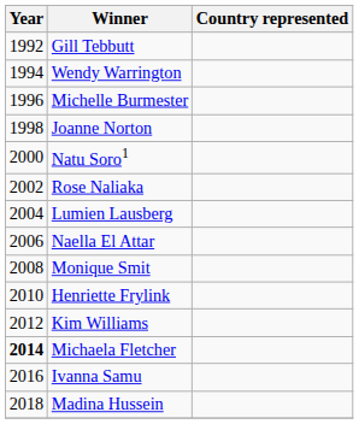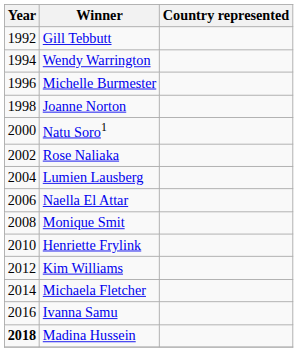 <table class="sortable wikitable">
 <tr>
 <th>Year</th>
 <th>Winner</th>
 <th>Country represented</th>
 </tr>
 <tr>
 <td align=center>1992</td>
 <td><a href='#'>Gill Tebbutt</a></td>
 <td></td>
 </tr>
 <tr>
 <td align=center>1994</td>
 <td><a href='#'>Wendy Warrington</a></td>
 <td></td>
 </tr>
 <tr>
 <td align=center>1996</td>
 <td><a href='#'>Michelle Burmester</a></td>
 <td></td>
 </tr>
 <tr>
 <td align=center>1998</td>
 <td><a href='#'>Joanne Norton</a></td>
 <td></td>
 </tr>
 <tr>
 <td align=center>2000</td>
 <td><a href='#'>Natu Soro</a><sup>1</sup></td>
 <td></td>
 </tr>
 <tr>
 <td align=center>2002</td>
 <td><a href='#'>Rose Naliaka</a></td>
 <td></td>
 </tr>
 <tr>
 <td align=center>2004</td>
 <td><a href='#'>Lumien Lausberg</a></td>
 <td></td>
 </tr>
 <tr>
 <td align=center>2006</td>
 <td><a href='#'>Naella El Attar</a></td>
 <td></td>
 </tr>
 <tr>
 <td align=center>2008</td>
 <td><a href='#'>Monique Smit</a></td>
 <td></td>
 </tr>
 <tr>
 <td align=center>2010</td>
 <td><a href='#'>Henriette Frylink</a></td>
 <td></td>
 </tr>
 <tr>
 <td align=center>2012</td>
 <td><a href='#'>Kim Williams</a></td>
 <td></td>
 </tr>
 <tr>
-<td align=center><strong>2014</strong></td>
+<td align=center>2014</td>
 <td><a href='#'>Michaela Fletcher</a></td>
 <td></td>
 </tr>
 <tr>
 <td align=center>2016</td>
 <td><a href='#'>Ivanna Samu</a></td>
 <td></td>
 </tr>
 <tr>
-<td align=center>2018</td>
+<td align=center><strong>2018</strong></td>
 <td><a href='#'>Madina Hussein</a></td>
 <td></td>
 </tr>
 <tr>
 </tr>
 </table>
